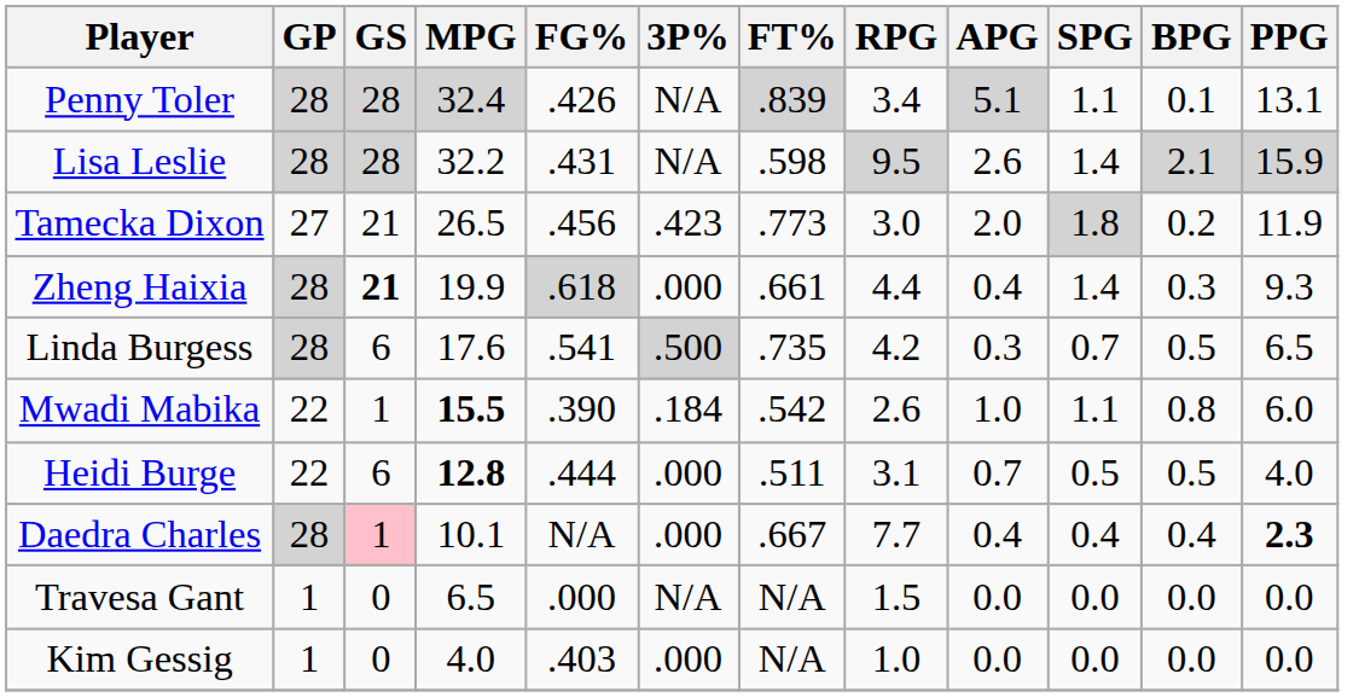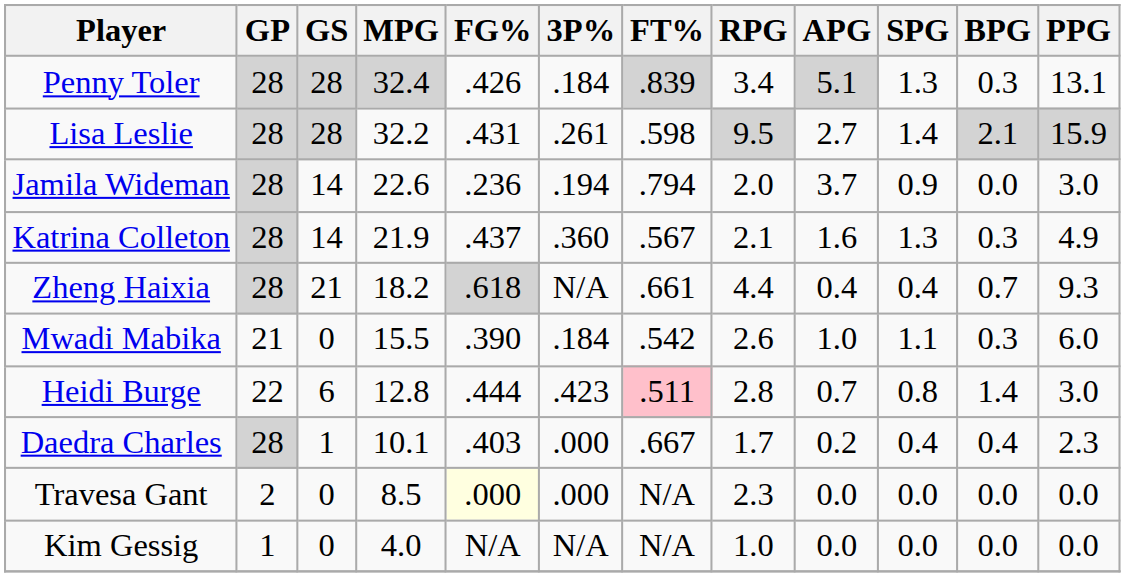 <table class="wikitable sortable" style="text-align:center;">
 <tr>
 <th>Player</th>
 <th>GP</th>
 <th>GS</th>
 <th>MPG</th>
 <th>FG%</th>
 <th>3P%</th>
 <th>FT%</th>
 <th>RPG</th>
 <th>APG</th>
 <th>SPG</th>
 <th>BPG</th>
 <th>PPG</th>
 </tr>
 <tr>
 <td><a href='#'>Penny Toler</a></td>
 <td style="background:#D3D3D3;">28</td>
 <td style="background:#D3D3D3;">28</td>
 <td style="background:#D3D3D3;">32.4</td>
 <td>.426</td>
-<td>N/A</td>
+<td>.184</td>
 <td style="background:#D3D3D3;">.839</td>
 <td>3.4</td>
 <td style="background:#D3D3D3;">5.1</td>
-<td>1.1</td>
-<td>0.1</td>
+<td>1.3</td>
+<td>0.3</td>
 <td>13.1</td>
 </tr>
 <tr>
 <td><a href='#'>Lisa Leslie</a></td>
 <td style="background:#D3D3D3;">28</td>
 <td style="background:#D3D3D3;">28</td>
 <td>32.2</td>
 <td>.431</td>
-<td>N/A</td>
+<td>.261</td>
 <td>.598</td>
 <td style="background:#D3D3D3;">9.5</td>
-<td>2.6</td>
+<td>2.7</td>
 <td>1.4</td>
 <td style="background:#D3D3D3;">2.1</td>
 <td style="background:#D3D3D3;">15.9</td>
 </tr>
 <tr>
-<td><a href='#'>Tamecka Dixon</a></td>
-<td>27</td>
-<td>21</td>
-<td>26.5</td>
-<td>.456</td>
-<td>.423</td>
-<td>.773</td>
+<td><a href='#'>Jamila Wideman</a></td>
+<td style="background:#D3D3D3;">28</td>
+<td>14</td>
+<td>22.6</td>
+<td>.236</td>
+<td>.194</td>
+<td>.794</td>
+<td>2.0</td>
+<td>3.7</td>
+<td>0.9</td>
+<td>0.0</td>
 <td>3.0</td>
-<td>2.0</td>
-<td style="background:#D3D3D3;">1.8</td>
-<td>0.2</td>
-<td>11.9</td>
+</tr>
+<tr>
+<td><a href='#'>Katrina Colleton</a></td>
+<td style="background:#D3D3D3;">28</td>
+<td>14</td>
+<td>21.9</td>
+<td>.437</td>
+<td>.360</td>
+<td>.567</td>
+<td>2.1</td>
+<td>1.6</td>
+<td>1.3</td>
+<td>0.3</td>
+<td>4.9</td>
 </tr>
 <tr>
 <td><a href='#'>Zheng Haixia</a></td>
 <td style="background:#D3D3D3;">28</td>
-<td><strong>21</strong></td>
-<td>19.9</td>
+<td>21</td>
+<td>18.2</td>
 <td style="background:#D3D3D3;">.618</td>
-<td>.000</td>
+<td>N/A</td>
 <td>.661</td>
 <td>4.4</td>
 <td>0.4</td>
-<td>1.4</td>
-<td>0.3</td>
+<td>0.4</td>
+<td>0.7</td>
 <td>9.3</td>
 </tr>
 <tr>
-<td>Linda Burgess</td>
-<td style="background:#D3D3D3;">28</td>
-<td>6</td>
-<td>17.6</td>
-<td>.541</td>
-<td style="background:#D3D3D3;">.500</td>
-<td>.735</td>
-<td>4.2</td>
-<td>0.3</td>
-<td>0.7</td>
-<td>0.5</td>
-<td>6.5</td>
-</tr>
-<tr>
 <td><a href='#'>Mwadi Mabika</a></td>
-<td>22</td>
-<td>1</td>
-<td><strong>15.5</strong></td>
+<td>21</td>
+<td>0</td>
+<td>15.5</td>
 <td>.390</td>
 <td>.184</td>
 <td>.542</td>
 <td>2.6</td>
 <td>1.0</td>
 <td>1.1</td>
-<td>0.8</td>
+<td>0.3</td>
 <td>6.0</td>
 </tr>
 <tr>
 <td><a href='#'>Heidi Burge</a></td>
 <td>22</td>
 <td>6</td>
-<td><strong>12.8</strong></td>
+<td>12.8</td>
 <td>.444</td>
-<td>.000</td>
-<td>.511</td>
-<td>3.1</td>
+<td>.423</td>
+<td style="background: pink;">.511</td>
+<td>2.8</td>
 <td>0.7</td>
-<td>0.5</td>
-<td>0.5</td>
-<td>4.0</td>
+<td>0.8</td>
+<td>1.4</td>
+<td>3.0</td>
 </tr>
 <tr>
 <td><a href='#'>Daedra Charles</a></td>
 <td style="background:#D3D3D3;">28</td>
-<td style="background: pink;">1</td>
+<td>1</td>
 <td>10.1</td>
-<td>N/A</td>
+<td>.403</td>
 <td>.000</td>
 <td>.667</td>
-<td>7.7</td>
+<td>1.7</td>
+<td>0.2</td>
 <td>0.4</td>
 <td>0.4</td>
-<td>0.4</td>
-<td><strong>2.3</strong></td>
+<td>2.3</td>
 </tr>
 <tr>
 <td>Travesa Gant</td>
-<td>1</td>
+<td>2</td>
 <td>0</td>
-<td>6.5</td>
+<td>8.5</td>
+<td style="background: lightyellow;">.000</td>
 <td>.000</td>
 <td>N/A</td>
-<td>N/A</td>
-<td>1.5</td>
+<td>2.3</td>
 <td>0.0</td>
 <td>0.0</td>
 <td>0.0</td>
 <td>0.0</td>
 </tr>
 <tr>
 <td>Kim Gessig</td>
 <td>1</td>
 <td>0</td>
 <td>4.0</td>
-<td>.403</td>
-<td>.000</td>
+<td>N/A</td>
+<td>N/A</td>
 <td>N/A</td>
 <td>1.0</td>
 <td>0.0</td>
 <td>0.0</td>
 <td>0.0</td>
 <td>0.0</td>
 </tr>
 <tr>
 </tr>
 </table>
